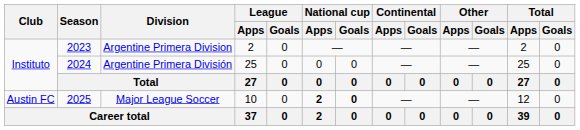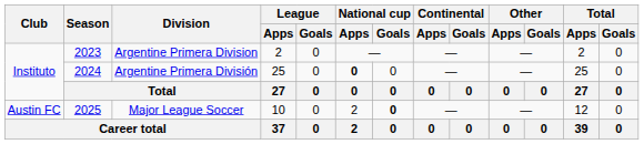 <table class=wikitable style=text-align:center>
 <tr>
 <th rowspan=2>Club</th>
 <th rowspan=2>Season</th>
 <th rowspan=2>Division</th>
 <th colspan=2>League</th>
 <th colspan=2>National cup</th>
 <th colspan=2>Continental</th>
 <th colspan=2>Other</th>
 <th colspan=2>Total</th>
 </tr>
 <tr>
 <th>Apps</th>
 <th>Goals</th>
 <th>Apps</th>
 <th>Goals</th>
 <th>Apps</th>
 <th>Goals</th>
 <th>Apps</th>
 <th>Goals</th>
 <th>Apps</th>
 <th>Goals</th>
 </tr>
 <tr>
 <td rowspan=3><a href='#'>Instituto</a></td>
 <td><a href='#'>2023</a></td>
 <td><a href='#'>Argentine Primera Division</a></td>
 <td>2</td>
 <td>0</td>
 <td colspan=2>—</td>
 <td colspan=2>—</td>
 <td colspan=2>—</td>
 <td>2</td>
 <td>0</td>
 </tr>
 <tr>
 <td><a href='#'>2024</a></td>
 <td><a href='#'>Argentine Primera División</a></td>
 <td>25</td>
 <td>0</td>
-<td>0</td>
+<td><strong>0</strong></td>
 <td>0</td>
 <td colspan=2>—</td>
 <td colspan=2>—</td>
 <td>25</td>
 <td>0</td>
 </tr>
 <tr>
 <th colspan=2>Total</th>
 <th>27</th>
 <th>0</th>
 <th>0</th>
 <th>0</th>
 <th>0</th>
 <th>0</th>
 <th>0</th>
 <th>0</th>
 <th>27</th>
 <th>0</th>
 </tr>
 <tr>
 <td><a href='#'>Austin FC</a></td>
 <td><a href='#'>2025</a></td>
 <td><a href='#'>Major League Soccer</a></td>
 <td>10</td>
 <td>0</td>
-<td><strong>2</strong></td>
+<td>2</td>
 <td><strong>0</strong></td>
 <td colspan=2>—</td>
 <td colspan=2>—</td>
 <td>12</td>
 <td>0</td>
 </tr>
 <tr>
 <th colspan=3>Career total</th>
 <th>37</th>
 <th>0</th>
 <th>2</th>
 <th>0</th>
 <th>0</th>
 <th>0</th>
 <th>0</th>
 <th>0</th>
 <th>39</th>
 <th>0</th>
 </tr>
 </table>
